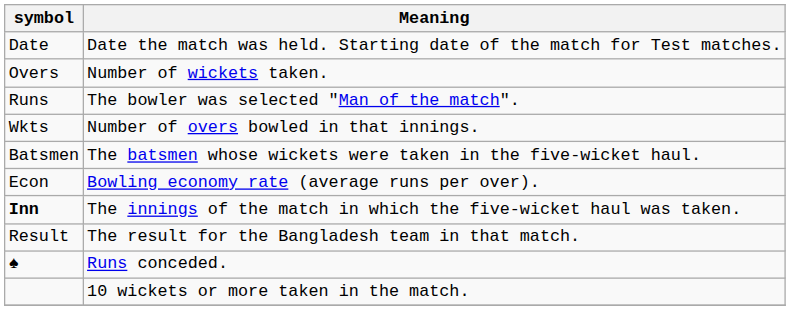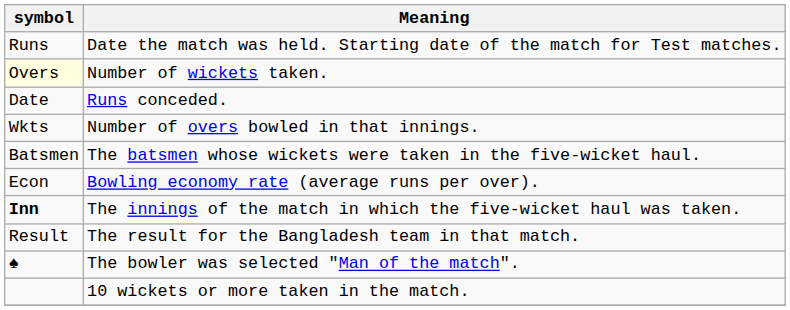 <table class="wikitable">
 <tr>
 <th>symbol</th>
 <th>Meaning</th>
 </tr>
 <tr>
-<td>Date</td>
+<td>Runs</td>
 <td>Date the match was held. Starting date of the match for Test matches.</td>
 </tr>
 <tr>
-<td>Overs</td>
+<td style="background: lightyellow;">Overs</td>
 <td>Number of <a href='#'>wickets</a> taken.</td>
 </tr>
 <tr>
-<td>Runs</td>
-<td>The bowler was selected "<a href='#'>Man of the match</a>".</td>
+<td>Date</td>
+<td><a href='#'>Runs</a> conceded.</td>
 </tr>
 <tr>
 <td>Wkts</td>
 <td>Number of <a href='#'>overs</a> bowled in that innings.</td>
 </tr>
 <tr>
 <td>Batsmen</td>
 <td>The <a href='#'>batsmen</a> whose wickets were taken in the five-wicket haul.</td>
 </tr>
 <tr>
 <td>Econ</td>
 <td><a href='#'>Bowling economy rate</a> (average runs per over).</td>
 </tr>
 <tr>
 <td><strong>Inn</strong></td>
 <td>The <a href='#'>innings</a> of the match in which the five-wicket haul was taken.</td>
 </tr>
 <tr>
 <td>Result</td>
 <td>The result for the Bangladesh team in that match.</td>
 </tr>
 <tr>
 <td>♠</td>
-<td><a href='#'>Runs</a> conceded.</td>
+<td>The bowler was selected "<a href='#'>Man of the match</a>".</td>
 </tr>
 <tr>
 <td></td>
 <td>10 wickets or more taken in the match.</td>
 </tr>
 <tr>
 </tr>
 </table>
